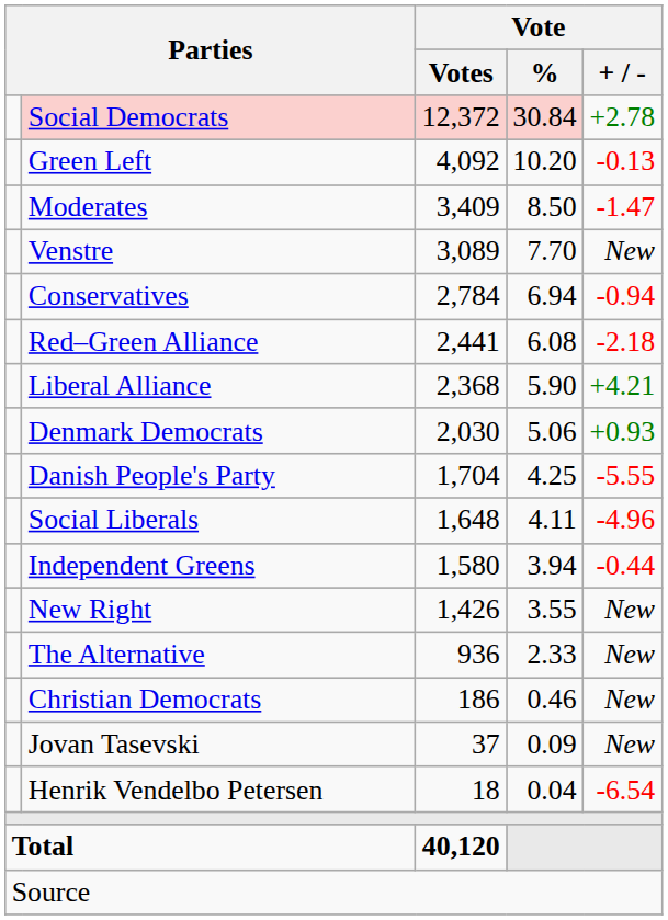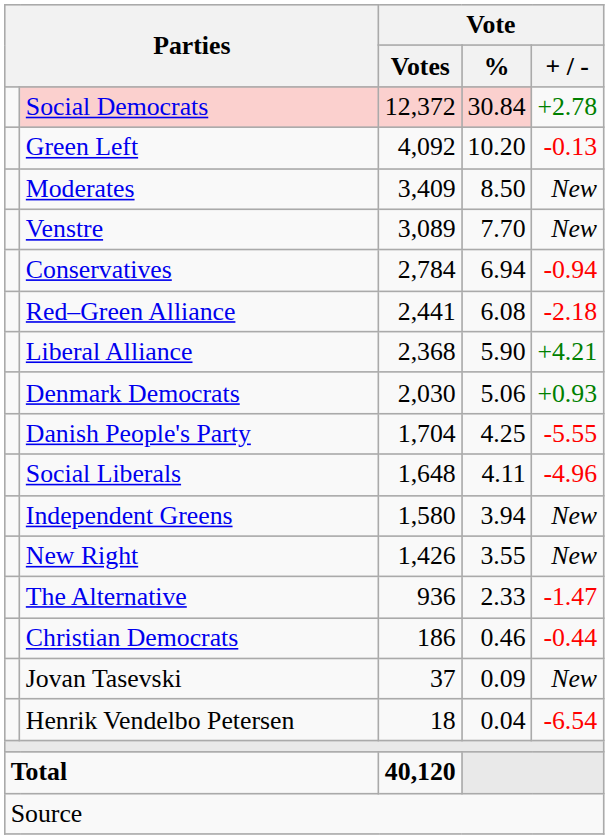 <table class="wikitable" style="text-align:right;">
 <tr>
 <th style="text-align:centre;" rowspan="2" colspan="2" width="225">Parties</th>
 <th colspan="3">Vote</th>
 </tr>
 <tr>
 <th width="15">Votes</th>
 <th width="15">%</th>
 <th width="15">+ / -</th>
 </tr>
 <tr>
 <td width="2" style="color:inherit;background:"></td>
 <td bgcolor=#fbd0ce  align="left"><a href='#'>Social Democrats</a></td>
 <td bgcolor=#fbd0ce>12,372</td>
 <td bgcolor=#fbd0ce>30.84</td>
 <td style=color:green;>+2.78</td>
 </tr>
 <tr>
 <td width="2" style="color:inherit;background:"></td>
 <td align="left"><a href='#'>Green Left</a></td>
 <td>4,092</td>
 <td>10.20</td>
 <td style=color:red;>-0.13</td>
 </tr>
 <tr>
 <td width="2" style="color:inherit;background:"></td>
 <td align="left"><a href='#'>Moderates</a></td>
 <td>3,409</td>
 <td>8.50</td>
-<td style=color:red;>-1.47</td>
+<td><em>New</em></td>
 </tr>
 <tr>
 <td width="2" style="color:inherit;background:"></td>
 <td align="left"><a href='#'>Venstre</a></td>
 <td>3,089</td>
 <td>7.70</td>
 <td><em>New</em></td>
 </tr>
 <tr>
 <td width="2" style="color:inherit;background:"></td>
 <td align="left"><a href='#'>Conservatives</a></td>
 <td>2,784</td>
 <td>6.94</td>
 <td style=color:red;>-0.94</td>
 </tr>
 <tr>
 <td width="2" style="color:inherit;background:"></td>
 <td align="left"><a href='#'>Red–Green Alliance</a></td>
 <td>2,441</td>
 <td>6.08</td>
 <td style=color:red;>-2.18</td>
 </tr>
 <tr>
 <td width="2" style="color:inherit;background:"></td>
 <td align="left"><a href='#'>Liberal Alliance</a></td>
 <td>2,368</td>
 <td>5.90</td>
 <td style=color:green;>+4.21</td>
 </tr>
 <tr>
 <td width="2" style="color:inherit;background:"></td>
 <td align="left"><a href='#'>Denmark Democrats</a></td>
 <td>2,030</td>
 <td>5.06</td>
 <td style=color:green;>+0.93</td>
 </tr>
 <tr>
 <td width="2" style="color:inherit;background:"></td>
 <td align="left"><a href='#'>Danish People's Party</a></td>
 <td>1,704</td>
 <td>4.25</td>
 <td style=color:red;>-5.55</td>
 </tr>
 <tr>
 <td width="2" style="color:inherit;background:"></td>
 <td align="left"><a href='#'>Social Liberals</a></td>
 <td>1,648</td>
 <td>4.11</td>
 <td style=color:red;>-4.96</td>
 </tr>
 <tr>
 <td width="2" style="color:inherit;background:"></td>
 <td align="left"><a href='#'>Independent Greens</a></td>
 <td>1,580</td>
 <td>3.94</td>
-<td style=color:red;>-0.44</td>
+<td><em>New</em></td>
 </tr>
 <tr>
 <td width="2" style="color:inherit;background:"></td>
 <td align="left"><a href='#'>New Right</a></td>
 <td>1,426</td>
 <td>3.55</td>
 <td><em>New</em></td>
 </tr>
 <tr>
 <td width="2" style="color:inherit;background:"></td>
 <td align="left"><a href='#'>The Alternative</a></td>
 <td>936</td>
 <td>2.33</td>
-<td><em>New</em></td>
+<td style=color:red;>-1.47</td>
 </tr>
 <tr>
 <td width="2" style="color:inherit;background:"></td>
 <td align="left"><a href='#'>Christian Democrats</a></td>
 <td>186</td>
 <td>0.46</td>
-<td><em>New</em></td>
+<td style=color:red;>-0.44</td>
 </tr>
 <tr>
 <td width="2" style="color:inherit;background:"></td>
 <td align="left">Jovan Tasevski</td>
 <td>37</td>
 <td>0.09</td>
 <td><em>New</em></td>
 </tr>
 <tr>
 <td width="2" style="color:inherit;background:"></td>
 <td align="left">Henrik Vendelbo Petersen</td>
 <td>18</td>
 <td>0.04</td>
 <td style=color:red;>-6.54</td>
 </tr>
 <tr>
 <td colspan="7" bgcolor="#E9E9E9"></td>
 </tr>
 <tr>
 <td align="left" colspan="2"><strong>Total</strong></td>
 <td><strong>40,120</strong></td>
 <td bgcolor="#E9E9E9" colspan="2"></td>
 </tr>
 <tr>
 <td align="left" colspan="6">Source</td>
 </tr>
 </table>
